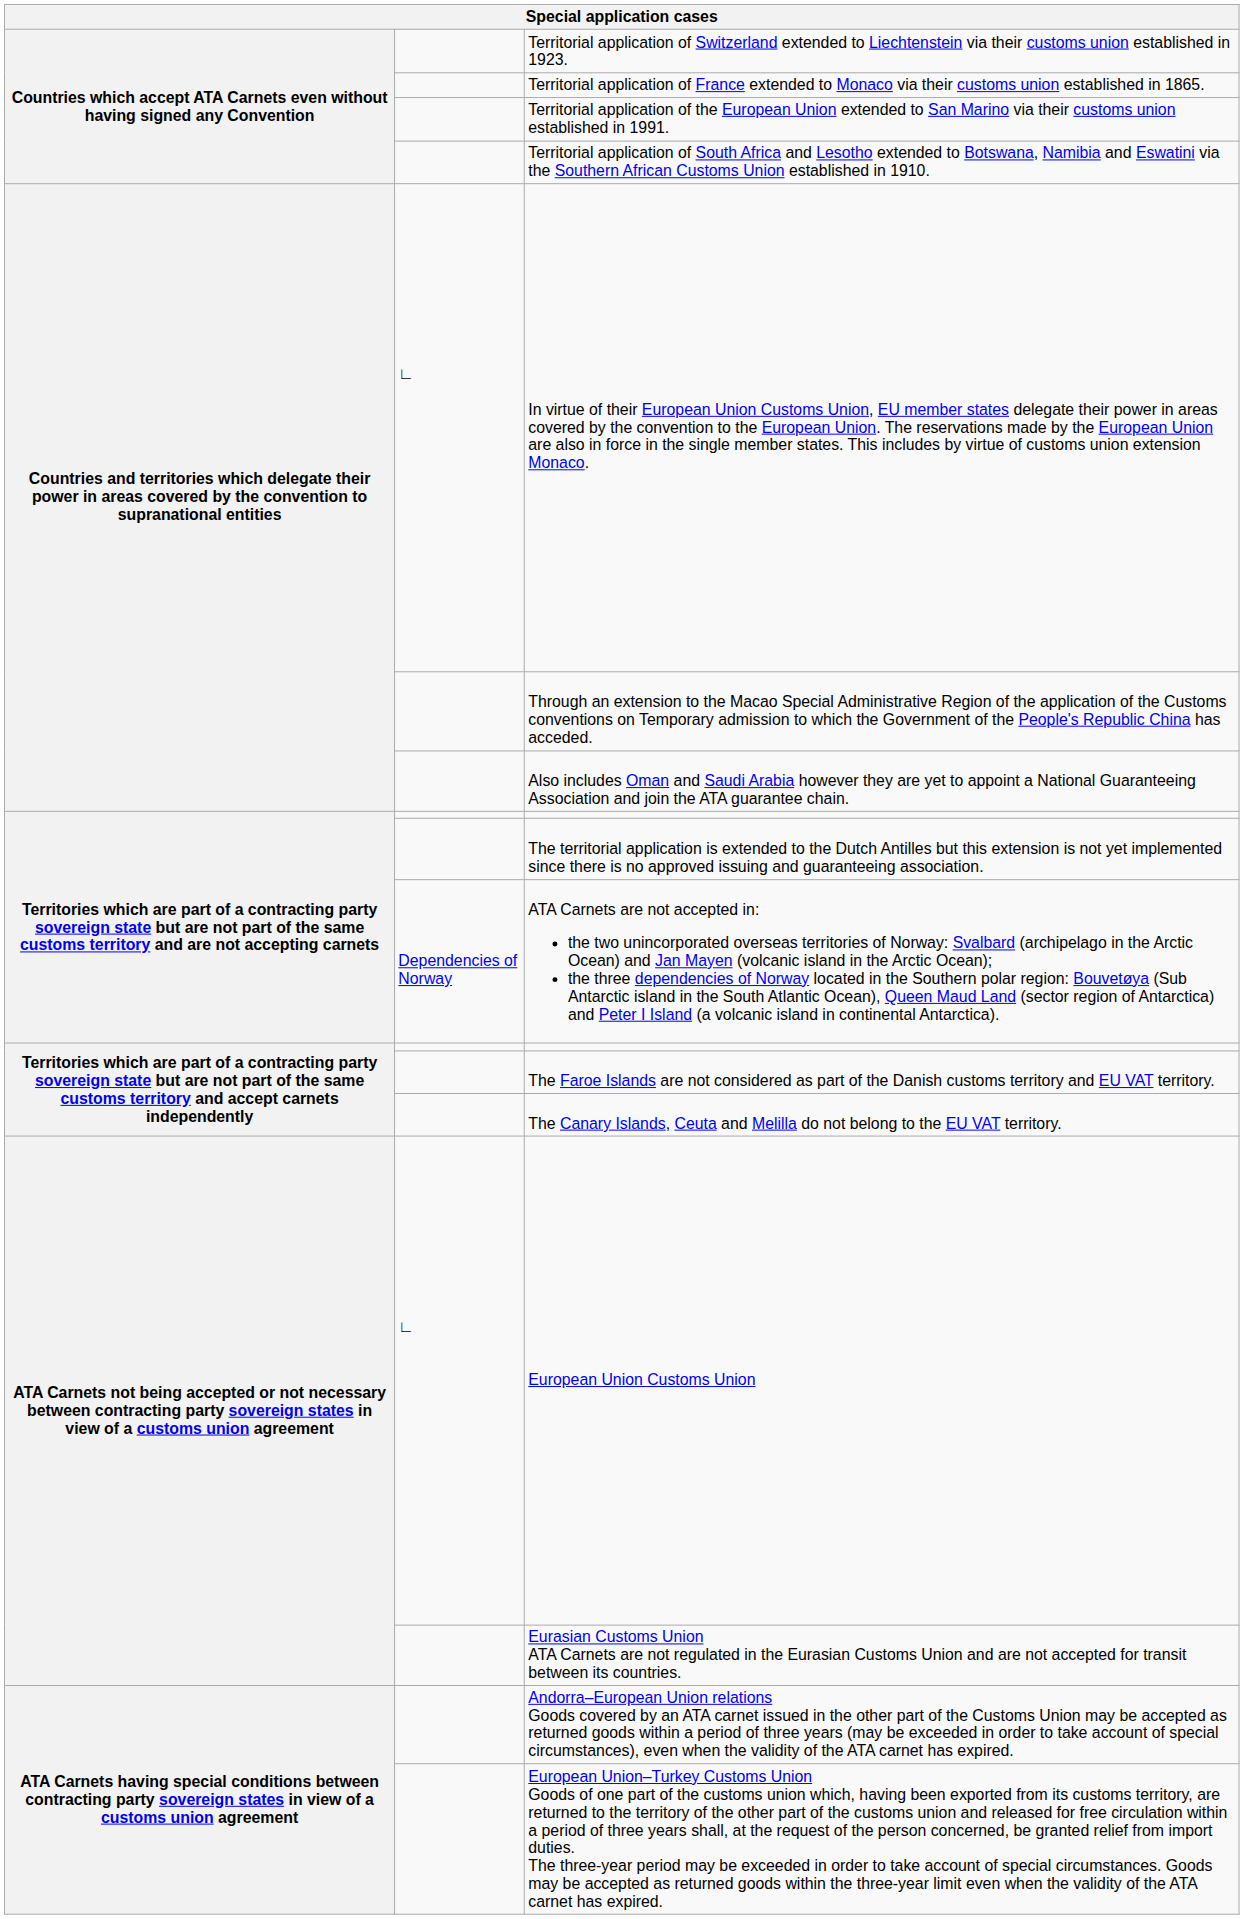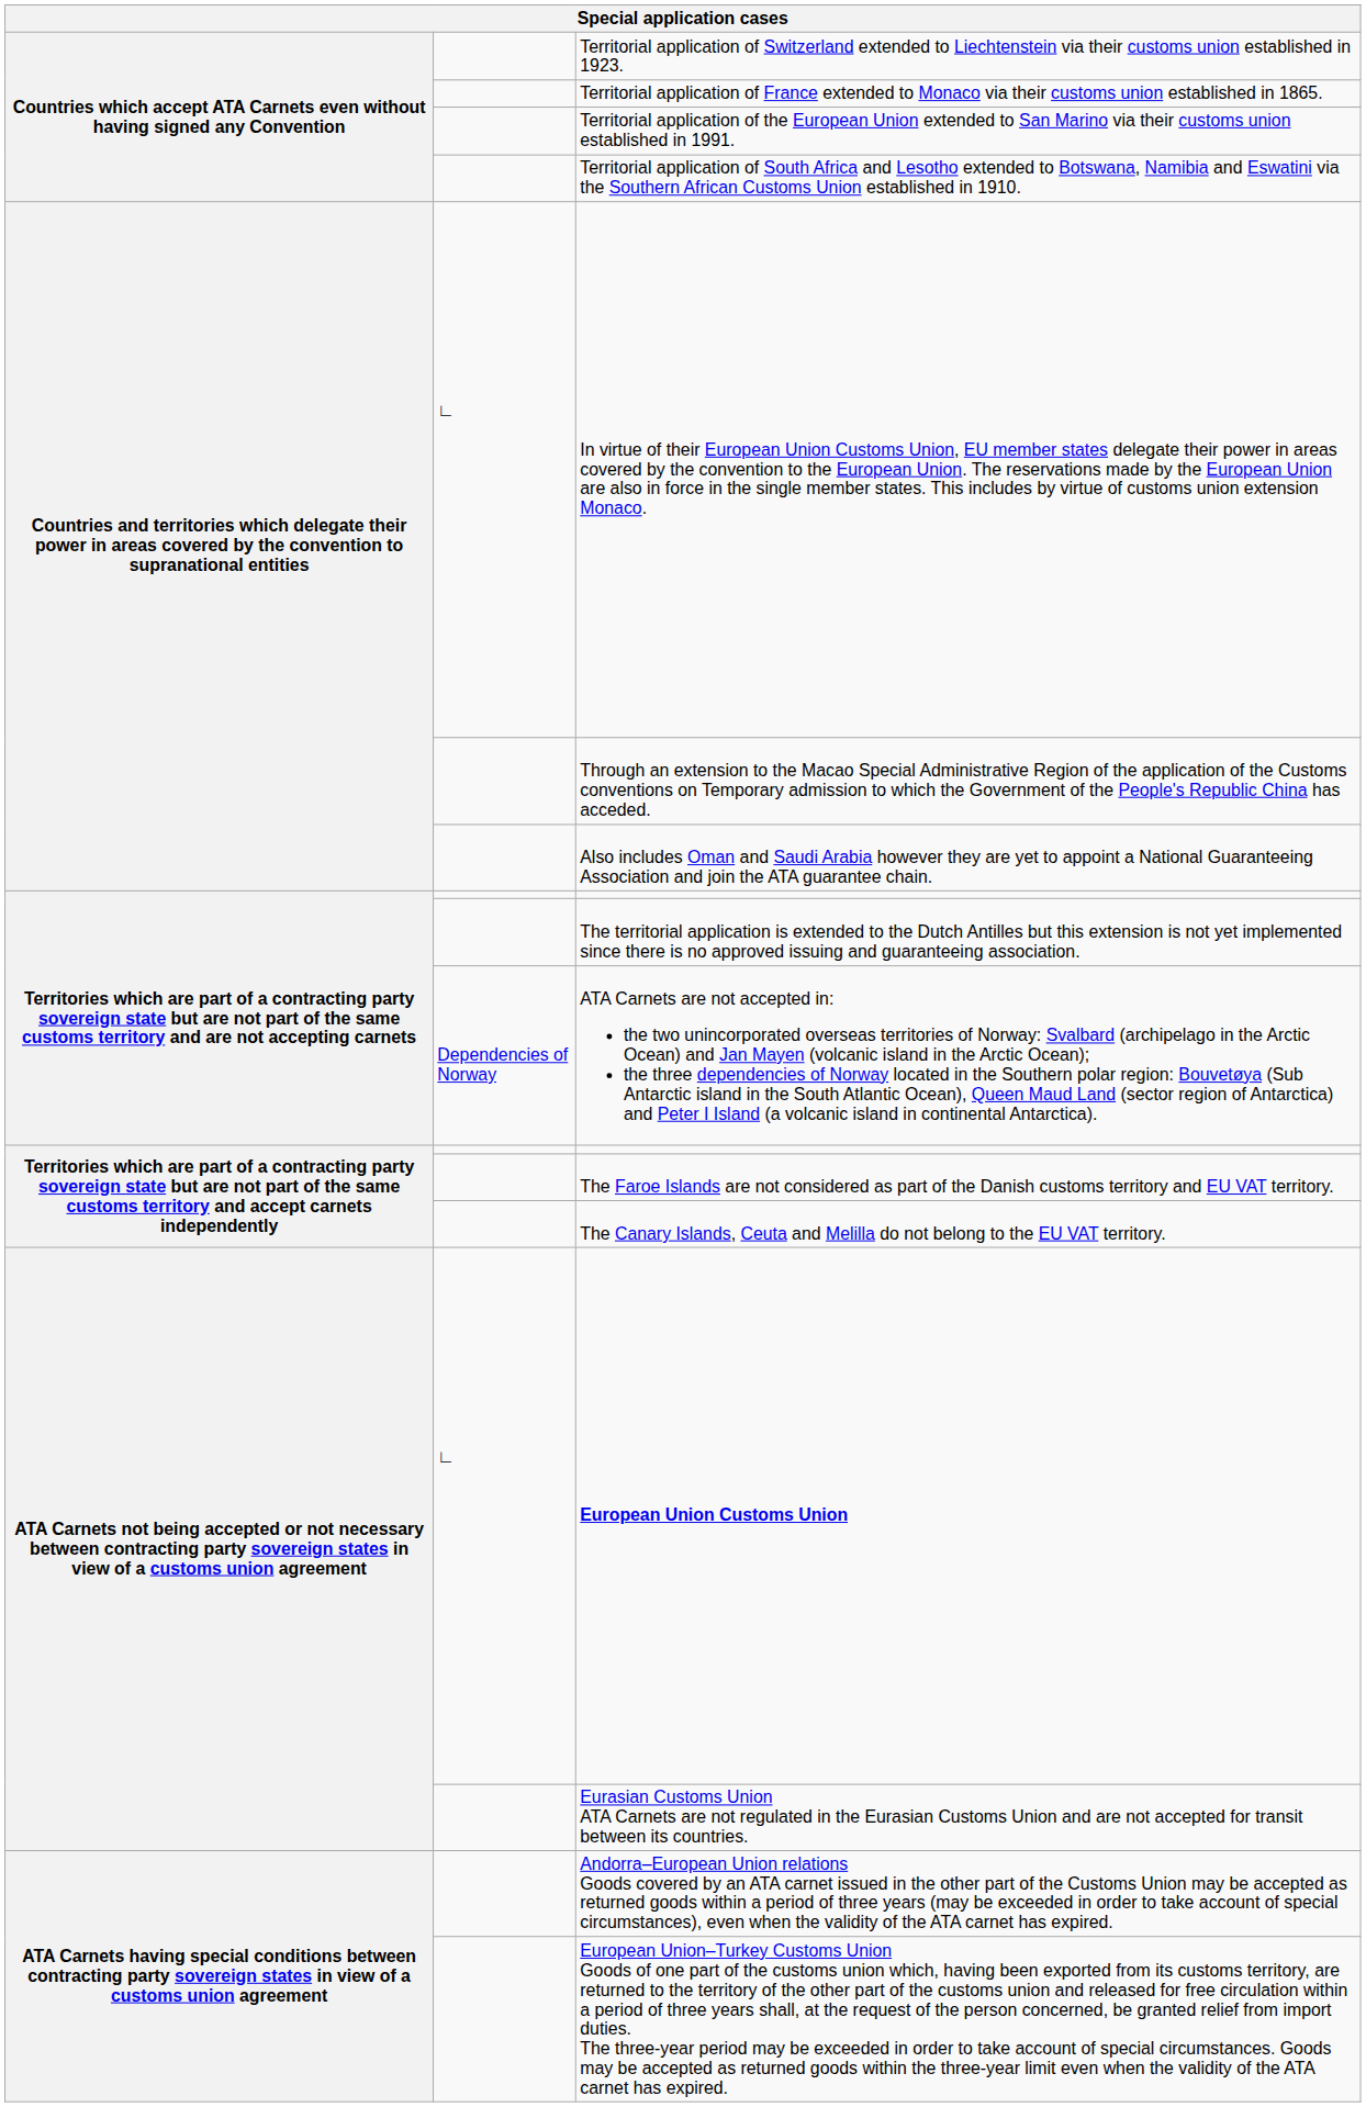 <table class="wikitable mw-collapsible mw-collapsed">
 <tr>
 <th colspan="3">Special application cases</th>
 </tr>
 <tr>
 <th rowspan="4">Countries which accept ATA Carnets even without having signed any Convention</th>
 <td></td>
 <td>Territorial application of <a href='#'>Switzerland</a> extended to <a href='#'>Liechtenstein</a> via their <a href='#'>customs union</a> established in 1923.</td>
 </tr>
 <tr>
 <td></td>
 <td>Territorial application of <a href='#'>France</a> extended to <a href='#'>Monaco</a> via their <a href='#'>customs union</a> established in 1865.</td>
 </tr>
 <tr>
 <td></td>
 <td>Territorial application of the <a href='#'>European Union</a> extended to <a href='#'>San Marino</a> via their <a href='#'>customs union</a> established in 1991.</td>
 </tr>
 <tr>
 <td><br><br></td>
 <td>Territorial application of <a href='#'>South Africa</a> and <a href='#'>Lesotho</a> extended to <a href='#'>Botswana</a>, <a href='#'>Namibia</a> and <a href='#'>Eswatini</a> via the <a href='#'>Southern African Customs Union</a> established in 1910.</td>
 </tr>
 <tr>
 <th rowspan="3">Countries and territories which delegate their power in areas covered by the convention to supranational entities</th>
 <td><br><br><br><br><br><br><br><br><br><br><strong>∟</strong> <br><br><br><br><br><br><br><br><br><br><br><br><br><br><br><br><br></td>
 <td><br>In virtue of their <a href='#'>European Union Customs Union</a>, <a href='#'>EU member states</a> delegate their power in areas covered by the convention to the <a href='#'>European Union</a>. The reservations made by the <a href='#'>European Union</a> are also in force in the single member states. This includes by virtue of customs union extension <a href='#'>Monaco</a>.</td>
 </tr>
 <tr>
 <td></td>
 <td><br>Through an extension to the Macao Special Administrative Region of the application of the Customs conventions on Temporary admission to which the Government of the <a href='#'>People's Republic China</a> has acceded.</td>
 </tr>
 <tr>
 <td><br><br><br></td>
 <td><br>Also includes <a href='#'>Oman</a> and <a href='#'>Saudi Arabia</a> however they are yet to appoint a National Guaranteeing Association and join the ATA guarantee chain.</td>
 </tr>
 <tr>
 <th rowspan="3">Territories which are part of a contracting party <a href='#'>sovereign state</a> but are not part of the same <a href='#'>customs territory</a> and are not accepting carnets</th>
 <td></td>
 <td></td>
 </tr>
 <tr>
 <td><br><br><br></td>
 <td><br>The territorial application is extended to the Dutch Antilles but this extension is not yet implemented since there is no approved issuing and guaranteeing association.</td>
 </tr>
 <tr>
 <td><br><a href='#'>Dependencies of Norway</a></td>
 <td><br>ATA Carnets are not accepted in:<ul><li>the two unincorporated overseas territories of Norway: <a href='#'>Svalbard</a> (archipelago in the Arctic Ocean) and <a href='#'>Jan Mayen</a> (volcanic island in the Arctic Ocean);</li><li>the three <a href='#'>dependencies of Norway</a> located in the Southern polar region: <a href='#'>Bouvetøya</a> (Sub Antarctic island in the South Atlantic Ocean), <a href='#'>Queen Maud Land</a> (sector region of Antarctica) and <a href='#'>Peter I Island</a> (a volcanic island in continental Antarctica).</li></ul></td>
 </tr>
 <tr>
 <th rowspan="3">Territories which are part of a contracting party <a href='#'>sovereign state</a> but are not part of the same <a href='#'>customs territory</a> and accept carnets independently</th>
 <td></td>
 <td></td>
 </tr>
 <tr>
 <td></td>
 <td><br>The <a href='#'>Faroe Islands</a> are not considered as part of the Danish customs territory and <a href='#'>EU VAT</a> territory.</td>
 </tr>
 <tr>
 <td><br><br></td>
 <td><br>The <a href='#'>Canary Islands</a>, <a href='#'>Ceuta</a> and <a href='#'>Melilla</a> do not belong to the <a href='#'>EU VAT</a> territory.</td>
 </tr>
 <tr>
 <th rowspan="2">ATA Carnets not being accepted or not necessary between contracting party <a href='#'>sovereign states</a> in view of a <a href='#'>customs union</a> agreement</th>
 <td><br><br><br><br><br><br><br><br><br><br><strong>∟</strong> <br><br><br><br><br><br><br><br><br><br><br><br><br><br><br><br><br></td>
-<td><a href='#'>European Union Customs Union</a></td>
+<td><strong><a href='#'>European Union Customs Union</a></strong></td>
 </tr>
 <tr>
 <td><br><br></td>
 <td><a href='#'>Eurasian Customs Union</a><br>ATA Carnets are not regulated in the Eurasian Customs Union and are not accepted for transit between its countries.</td>
 </tr>
 <tr>
 <th rowspan="2">ATA Carnets having special conditions between contracting party <a href='#'>sovereign states</a> in view of a <a href='#'>customs union</a> agreement</th>
 <td><br></td>
 <td><a href='#'>Andorra–European Union relations</a><br>Goods covered by an ATA carnet issued in the other part of the Customs Union may be accepted as returned goods within a period of three years (may be exceeded in order to take account of special circumstances), even when the validity of the ATA carnet has expired.</td>
 </tr>
 <tr>
 <td><br></td>
 <td><a href='#'>European Union–Turkey Customs Union</a><br>Goods of one part of the customs union which, having been exported from its customs territory, are returned to the territory of the other part of the customs union and released for free circulation within a period of three years shall, at the request of the person concerned, be granted relief from import duties.<br>The three-year period may be exceeded in order to take account of special circumstances. Goods may be accepted as returned goods within the three-year limit even when the validity of the ATA carnet has expired.</td>
 </tr>
 </table>
